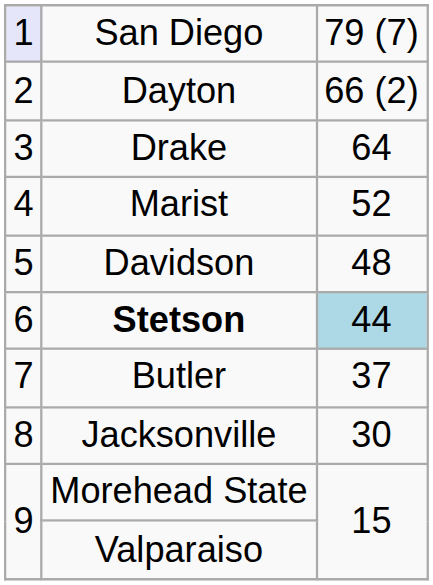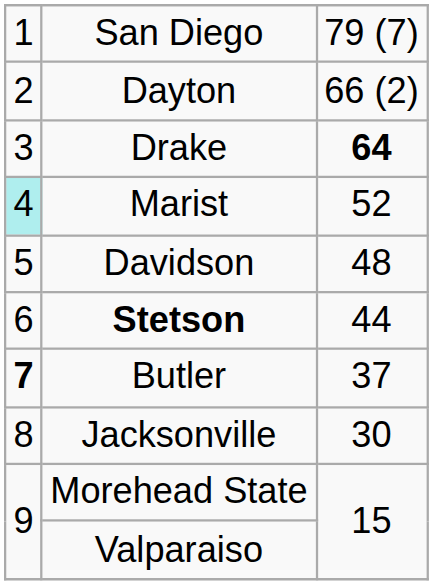 <table class="wikitable">
 <tr align="center">
 </tr>
 <tr align="center">
-<td style="background: lavender;">1</td>
+<td>1</td>
 <td>San Diego</td>
 <td>79 (7)</td>
 </tr>
 <tr align="center">
 <td>2</td>
 <td>Dayton</td>
 <td>66 (2)</td>
 </tr>
 <tr align="center">
 <td>3</td>
 <td>Drake</td>
-<td>64</td>
+<td><strong>64</strong></td>
 </tr>
 <tr align="center">
-<td>4</td>
+<td style="background: paleturquoise;">4</td>
 <td>Marist</td>
 <td>52</td>
 </tr>
 <tr align="center">
 <td>5</td>
 <td>Davidson</td>
 <td>48</td>
 </tr>
 <tr align="center">
 <td>6</td>
 <td><strong>Stetson</strong></td>
-<td style="background: lightblue;">44</td>
+<td>44</td>
 </tr>
 <tr align="center">
-<td>7</td>
+<td><strong>7</strong></td>
 <td>Butler</td>
 <td>37</td>
 </tr>
 <tr align="center">
 <td>8</td>
 <td>Jacksonville</td>
 <td>30</td>
 </tr>
 <tr align="center">
 <td rowspan=2>9</td>
 <td>Morehead State</td>
 <td rowspan=2>15</td>
 </tr>
 <tr align="center">
 <td>Valparaiso</td>
 </tr>
 <tr>
 </tr>
 </table>
